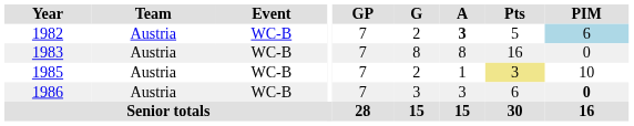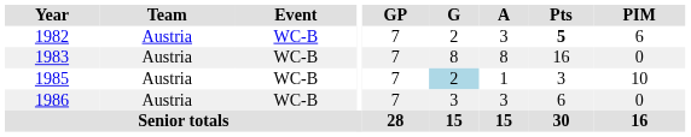 <table border="0" cellpadding="1" cellspacing="0" ID="Table3" style="text-align:center; width:40em">
 <tr bgcolor="#e0e0e0">
 <th>Year</th>
 <th>Team</th>
 <th>Event</th>
 <th rowspan="102" bgcolor="#ffffff"></th>
 <th>GP</th>
 <th>G</th>
 <th>A</th>
 <th>Pts</th>
 <th>PIM</th>
 </tr>
 <tr>
 <td><a href='#'>1982</a></td>
 <td><a href='#'>Austria</a></td>
 <td><a href='#'>WC-B</a></td>
 <td>7</td>
 <td>2</td>
-<td><strong>3</strong></td>
-<td>5</td>
-<td style="background: lightblue;">6</td>
+<td>3</td>
+<td><strong>5</strong></td>
+<td>6</td>
 </tr>
 <tr bgcolor="#f0f0f0">
 <td><a href='#'>1983</a></td>
 <td>Austria</td>
 <td>WC-B</td>
 <td>7</td>
 <td>8</td>
 <td>8</td>
 <td>16</td>
 <td>0</td>
 </tr>
 <tr>
 <td><a href='#'>1985</a></td>
 <td>Austria</td>
 <td>WC-B</td>
 <td>7</td>
-<td>2</td>
+<td style="background: lightblue;">2</td>
 <td>1</td>
-<td style="background: khaki;">3</td>
+<td>3</td>
 <td>10</td>
 </tr>
 <tr bgcolor="#f0f0f0">
 <td><a href='#'>1986</a></td>
 <td>Austria</td>
 <td>WC-B</td>
 <td>7</td>
 <td>3</td>
 <td>3</td>
 <td>6</td>
-<td><strong>0</strong></td>
+<td>0</td>
 </tr>
 <tr bgcolor="#e0e0e0">
 <th colspan="4">Senior totals</th>
 <th>28</th>
 <th>15</th>
 <th>15</th>
 <th>30</th>
 <th>16</th>
 </tr>
 </table>
